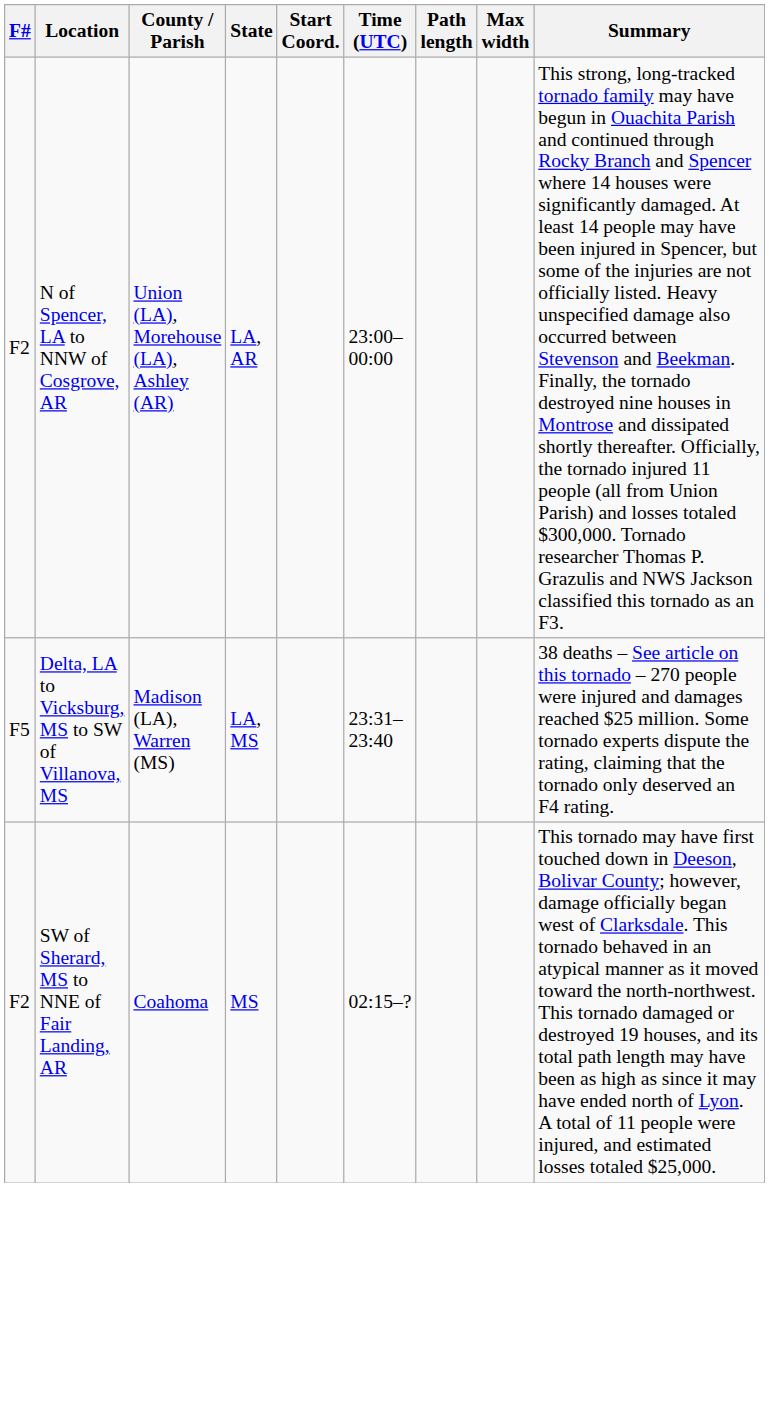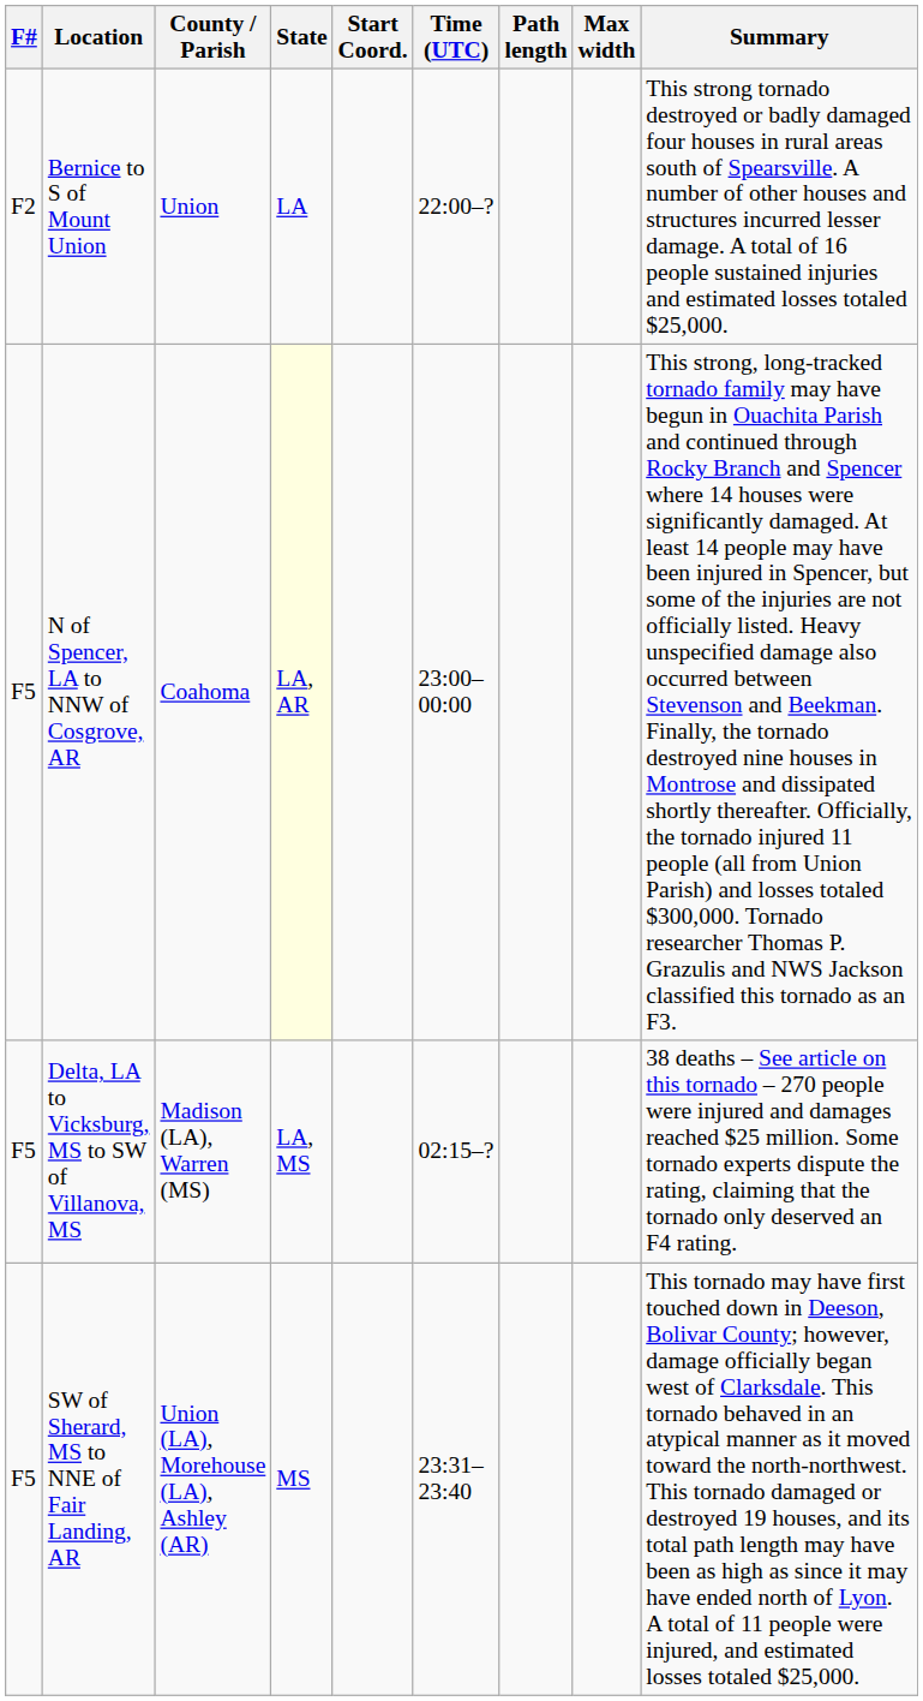 <table class="wikitable sortable" style="width:100%;">
 <tr>
 <th scope="col"  style="width:3%; text-align:center;"><a href='#'>F#</a></th>
 <th scope="col"  style="width:7%; text-align:center;" class="unsortable">Location</th>
 <th scope="col"  style="width:6%; text-align:center;" class="unsortable">County / Parish</th>
 <th scope="col"  style="width:5%; text-align:center;">State</th>
 <th scope="col"  style="width:6%; text-align:center;">Start Coord.</th>
 <th scope="col"  style="width:6%; text-align:center;">Time (<a href='#'>UTC</a>)</th>
 <th scope="col"  style="width:6%; text-align:center;">Path length</th>
 <th scope="col"  style="width:6%; text-align:center;">Max width</th>
 <th scope="col" class="unsortable" style="width:48%; text-align:center;">Summary</th>
 </tr>
 <tr>
 <td>F2</td>
+<td><a href='#'>Bernice</a> to S of <a href='#'>Mount Union</a></td>
+<td><a href='#'>Union</a></td>
+<td><a href='#'>LA</a></td>
+<td></td>
+<td>22:00–?</td>
+<td></td>
+<td></td>
+<td>This strong tornado destroyed or badly damaged four houses in rural areas south of <a href='#'>Spearsville</a>. A number of other houses and structures incurred lesser damage. A total of 16 people sustained injuries and estimated losses totaled $25,000.</td>
+</tr>
+<tr>
+<td>F5</td>
 <td>N of <a href='#'>Spencer, LA</a> to NNW of <a href='#'>Cosgrove, AR</a></td>
-<td><a href='#'>Union (LA)</a>, <a href='#'>Morehouse (LA)</a>, <a href='#'>Ashley (AR)</a></td>
-<td><a href='#'>LA</a>, <a href='#'>AR</a></td>
+<td><a href='#'>Coahoma</a></td>
+<td style="background: lightyellow;"><a href='#'>LA</a>, <a href='#'>AR</a></td>
 <td></td>
 <td>23:00–00:00</td>
 <td></td>
 <td></td>
 <td>This strong, long-tracked <a href='#'>tornado family</a> may have begun in <a href='#'>Ouachita Parish</a> and continued through <a href='#'>Rocky Branch</a> and <a href='#'>Spencer</a> where 14 houses were significantly damaged. At least 14 people may have been injured in Spencer, but some of the injuries are not officially listed. Heavy unspecified damage also occurred between <a href='#'>Stevenson</a> and <a href='#'>Beekman</a>. Finally, the tornado destroyed nine houses in <a href='#'>Montrose</a> and dissipated shortly thereafter. Officially, the tornado injured 11 people (all from Union Parish) and losses totaled $300,000. Tornado researcher Thomas P. Grazulis and NWS Jackson classified this tornado as an F3.</td>
 </tr>
 <tr>
 <td>F5</td>
 <td><a href='#'>Delta, LA</a> to <a href='#'>Vicksburg, MS</a> to SW of <a href='#'>Villanova, MS</a></td>
 <td><a href='#'>Madison</a> (LA), <a href='#'>Warren</a> (MS)</td>
 <td><a href='#'>LA</a>, <a href='#'>MS</a></td>
 <td></td>
-<td>23:31–23:40</td>
+<td>02:15–?</td>
 <td></td>
 <td></td>
 <td>38 deaths – <a href='#'>See article on this tornado</a> – 270 people were injured and damages reached $25 million. Some tornado experts dispute the rating, claiming that the tornado only deserved an F4 rating.</td>
 </tr>
 <tr>
-<td>F2</td>
+<td>F5</td>
 <td>SW of <a href='#'>Sherard, MS</a> to NNE of <a href='#'>Fair Landing, AR</a></td>
-<td><a href='#'>Coahoma</a></td>
+<td><a href='#'>Union (LA)</a>, <a href='#'>Morehouse (LA)</a>, <a href='#'>Ashley (AR)</a></td>
 <td><a href='#'>MS</a></td>
 <td></td>
-<td>02:15–?</td>
+<td>23:31–23:40</td>
 <td></td>
 <td></td>
 <td>This tornado may have first touched down in <a href='#'>Deeson</a>, <a href='#'>Bolivar County</a>; however, damage officially began west of <a href='#'>Clarksdale</a>. This tornado behaved in an atypical manner as it moved toward the north-northwest. This tornado damaged or destroyed 19 houses, and its total path length may have been as high as  since it may have ended north of <a href='#'>Lyon</a>. A total of 11 people were injured, and estimated losses totaled $25,000.</td>
 </tr>
 </table>
